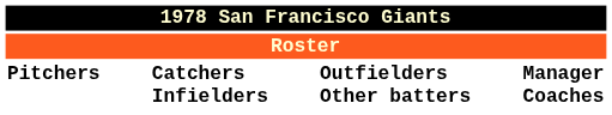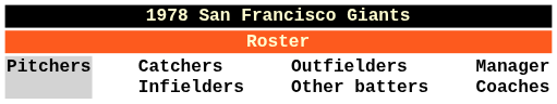 <table class="toccolours" style="font-size: 95%;">
 <tr>
 <th colspan="10" style="background-color: black; color: #FFFDD0; text-align: center;">1978 San Francisco Giants</th>
 </tr>
 <tr>
 <td colspan="10" style="background-color: #fd5a1e; color: #FFFDD0; text-align: center;"><strong>Roster</strong></td>
 </tr>
 <tr>
-<td valign="top"><strong>Pitchers</strong><br>             </td>
+<td valign="top" style="background: lightgrey;"><strong>Pitchers</strong><br>             </td>
 <td width="25px"></td>
 <td valign="top"><strong>Catchers</strong><br>    <strong>Infielders</strong>          </td>
 <td width="25px"></td>
 <td valign="top"><strong>Outfielders</strong><br>     <strong>Other batters</strong> </td>
 <td width="25px"></td>
 <td valign="top"><strong>Manager</strong><br> <strong>Coaches</strong>   </td>
 </tr>
 <tr>
 </tr>
 </table>
